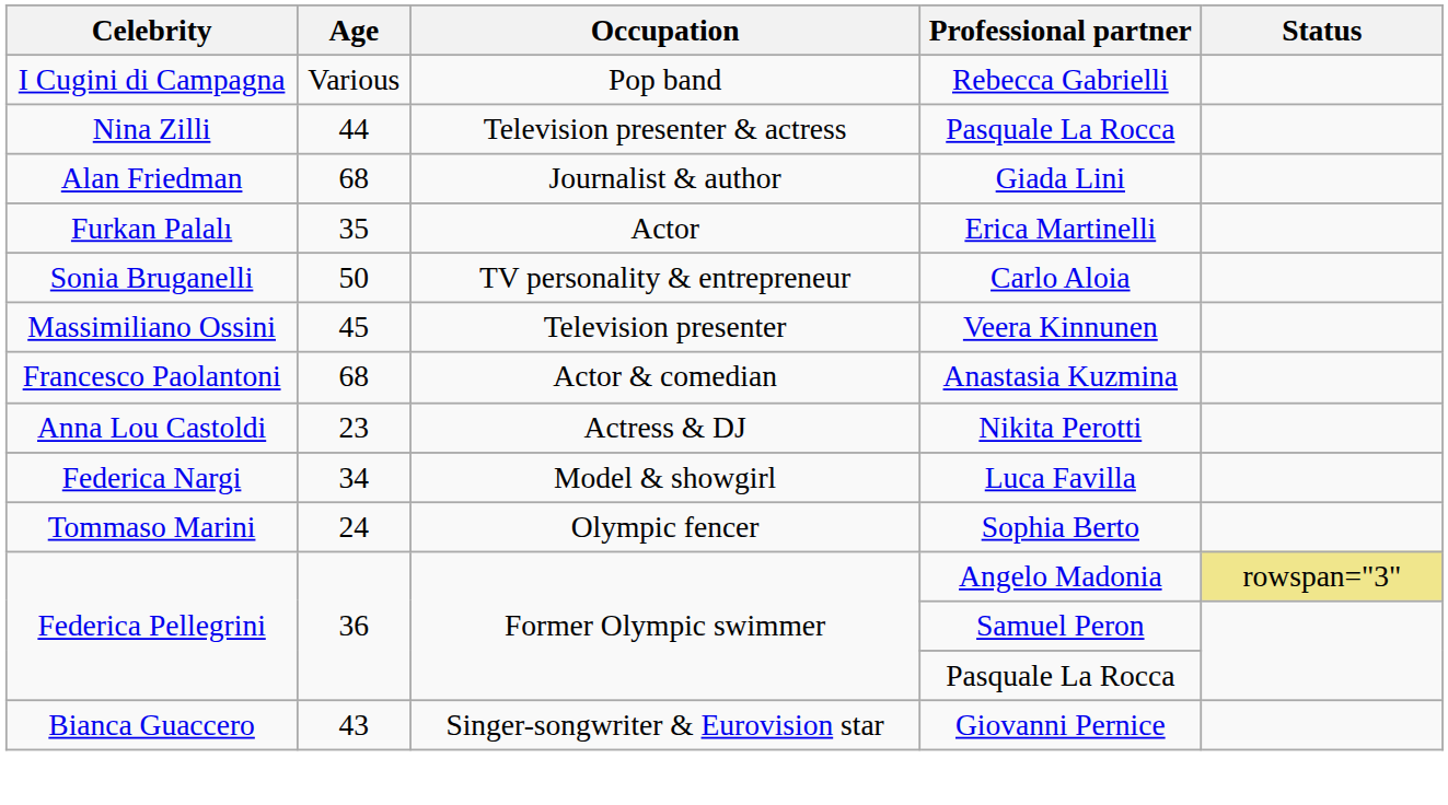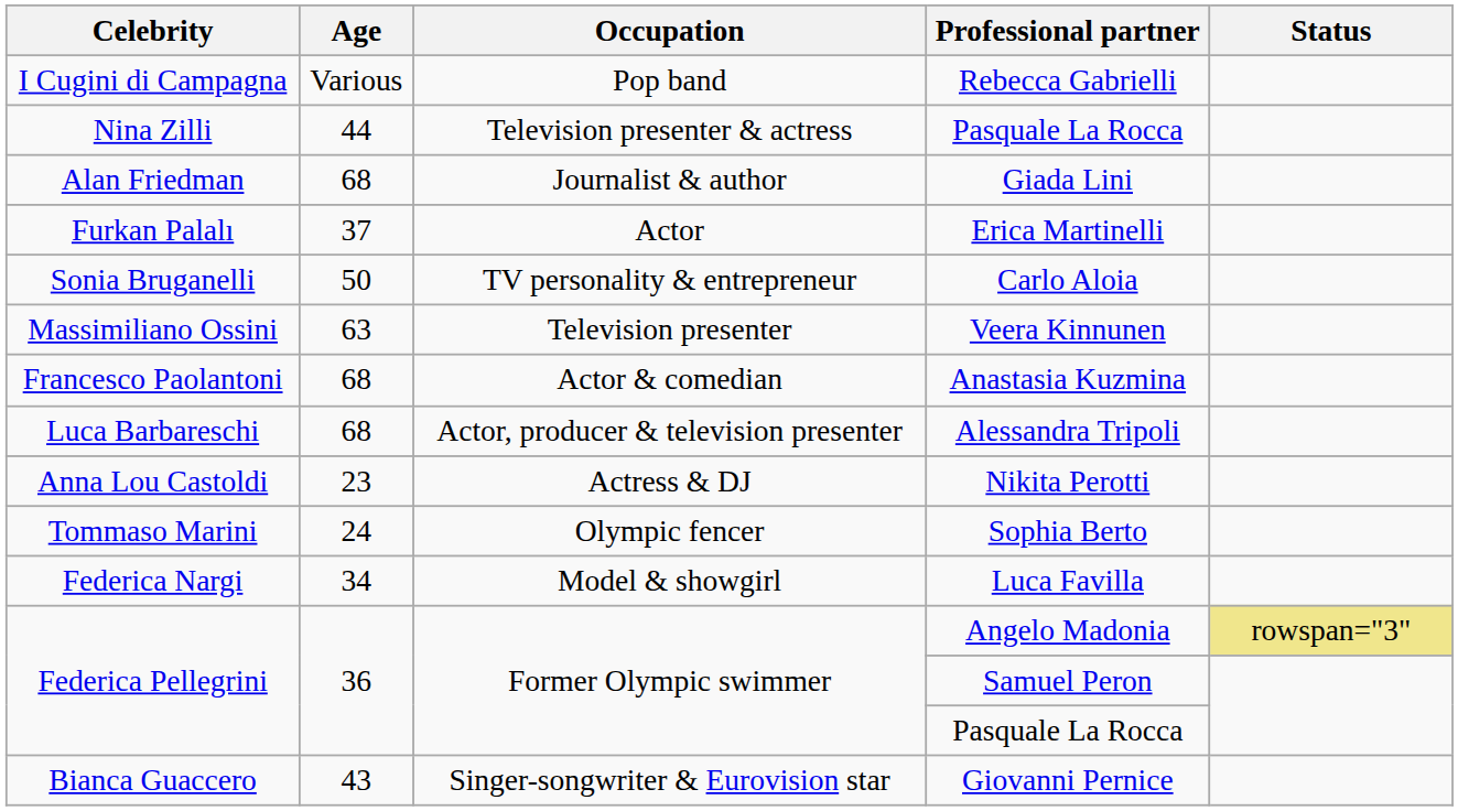 <table class="wikitable" style="margin:auto; text-align:center; font-size:95%;">
 <tr>
 <th width="140">Celebrity</th>
 <th width="50">Age</th>
 <th width="250">Occupation</th>
 <th width="135">Professional partner</th>
 <th width="115">Status</th>
 </tr>
 <tr>
 <td><a href='#'>I Cugini di Campagna</a></td>
 <td>Various</td>
 <td>Pop band</td>
 <td><a href='#'>Rebecca Gabrielli</a></td>
 <td></td>
 </tr>
 <tr>
 <td><a href='#'>Nina Zilli</a></td>
 <td>44</td>
 <td>Television presenter & actress</td>
 <td><a href='#'>Pasquale La Rocca</a></td>
 <td></td>
 </tr>
 <tr>
 <td><a href='#'>Alan Friedman</a></td>
 <td>68</td>
 <td>Journalist & author</td>
 <td><a href='#'>Giada Lini</a></td>
 <td></td>
 </tr>
 <tr>
 <td><a href='#'>Furkan Palalı</a></td>
-<td>35</td>
+<td>37</td>
 <td>Actor</td>
 <td><a href='#'>Erica Martinelli</a></td>
 <td></td>
 </tr>
 <tr>
 <td><a href='#'>Sonia Bruganelli</a></td>
 <td>50</td>
 <td>TV personality & entrepreneur</td>
 <td><a href='#'>Carlo Aloia</a></td>
 <td></td>
 </tr>
 <tr>
 <td><a href='#'>Massimiliano Ossini</a></td>
-<td>45</td>
+<td>63</td>
 <td>Television presenter</td>
 <td><a href='#'>Veera Kinnunen</a></td>
 <td></td>
 </tr>
 <tr>
 <td><a href='#'>Francesco Paolantoni</a></td>
 <td>68</td>
 <td>Actor & comedian</td>
 <td><a href='#'>Anastasia Kuzmina</a></td>
 <td></td>
 </tr>
 <tr>
+<td><a href='#'>Luca Barbareschi</a></td>
+<td>68</td>
+<td>Actor, producer & television presenter</td>
+<td><a href='#'>Alessandra Tripoli</a></td>
+<td></td>
+</tr>
+<tr>
 <td><a href='#'>Anna Lou Castoldi</a></td>
 <td>23</td>
 <td>Actress & DJ</td>
 <td><a href='#'>Nikita Perotti</a></td>
 <td></td>
 </tr>
 <tr>
+<td><a href='#'>Tommaso Marini</a></td>
+<td>24</td>
+<td>Olympic fencer</td>
+<td><a href='#'>Sophia Berto</a></td>
+<td></td>
+</tr>
+<tr>
 <td><a href='#'>Federica Nargi</a></td>
 <td>34</td>
 <td>Model & showgirl</td>
 <td><a href='#'>Luca Favilla</a></td>
-<td></td>
-</tr>
-<tr>
-<td><a href='#'>Tommaso Marini</a></td>
-<td>24</td>
-<td>Olympic fencer</td>
-<td><a href='#'>Sophia Berto</a></td>
 <td></td>
 </tr>
 <tr>
 <td rowspan="3"><a href='#'>Federica Pellegrini</a></td>
 <td rowspan="3">36</td>
 <td rowspan="3">Former Olympic swimmer</td>
 <td><a href='#'>Angelo Madonia</a></td>
 <td style="background: khaki;">rowspan="3" </td>
 </tr>
 <tr>
 <td><a href='#'>Samuel Peron</a></td>
 </tr>
 <tr>
 <td>Pasquale La Rocca</td>
 </tr>
 <tr>
 <td><a href='#'>Bianca Guaccero</a></td>
 <td>43</td>
 <td>Singer-songwriter & <a href='#'>Eurovision</a> star</td>
 <td><a href='#'>Giovanni Pernice</a></td>
 <td></td>
 </tr>
 </table>
